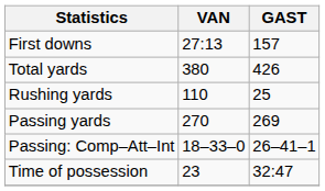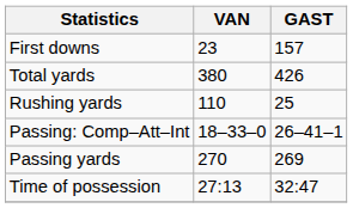 <table class="wikitable" style="float: left;">
 <tr>
 <th>Statistics</th>
 <th>VAN</th>
 <th>GAST</th>
 </tr>
 <tr>
 <td>First downs</td>
-<td>27:13</td>
+<td>23</td>
 <td>157</td>
 </tr>
 <tr>
 <td>Total yards</td>
 <td>380</td>
 <td>426</td>
 </tr>
 <tr>
 <td>Rushing yards</td>
 <td>110</td>
 <td>25</td>
 </tr>
 <tr>
+<td>Passing: Comp–Att–Int</td>
+<td>18–33–0</td>
+<td>26–41–1</td>
+</tr>
+<tr>
 <td>Passing yards</td>
 <td>270</td>
 <td>269</td>
 </tr>
 <tr>
-<td>Passing: Comp–Att–Int</td>
-<td>18–33–0</td>
-<td>26–41–1</td>
-</tr>
-<tr>
 <td>Time of possession</td>
-<td>23</td>
+<td>27:13</td>
 <td>32:47</td>
 </tr>
 <tr>
 </tr>
 </table>
